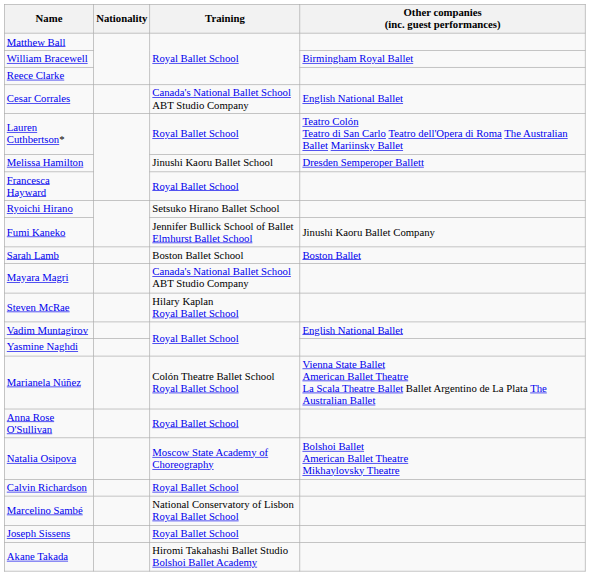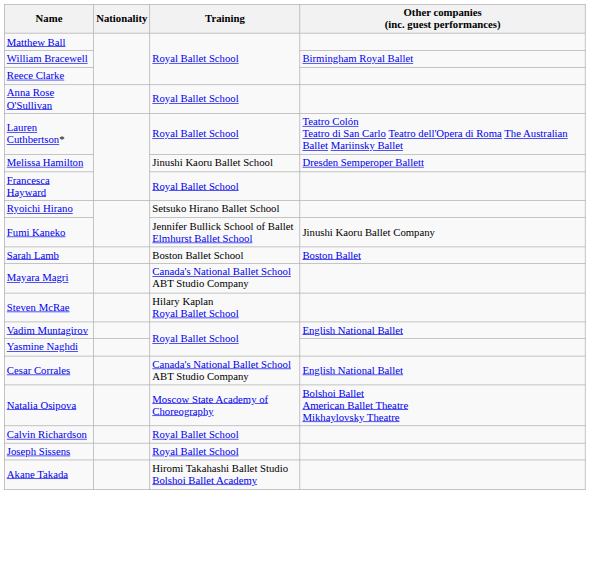 <table class="wikitable">
 <tr>
 <th>Name</th>
 <th>Nationality</th>
 <th>Training</th>
 <th>Other companies <br> (inc. guest performances)</th>
 </tr>
 <tr>
 <td><a href='#'>Matthew Ball</a></td>
 <td rowspan="3"></td>
 <td rowspan="3"><a href='#'>Royal Ballet School</a></td>
 <td> </td>
 </tr>
 <tr>
 <td><a href='#'>William Bracewell</a></td>
 <td><a href='#'>Birmingham Royal Ballet</a></td>
 </tr>
 <tr>
 <td><a href='#'>Reece Clarke</a></td>
 <td> </td>
 </tr>
 <tr>
-<td><a href='#'>Cesar Corrales</a></td>
-<td> <br> </td>
-<td><a href='#'>Canada's National Ballet School</a> <br> ABT Studio Company</td>
-<td><a href='#'>English National Ballet</a></td>
+<td><a href='#'>Anna Rose O'Sullivan</a></td>
+<td></td>
+<td><a href='#'>Royal Ballet School</a></td>
+<td> </td>
 </tr>
 <tr>
 <td><a href='#'>Lauren Cuthbertson</a>*</td>
 <td rowspan="3"></td>
 <td><a href='#'>Royal Ballet School</a></td>
 <td><a href='#'>Teatro Colón</a><br><a href='#'>Teatro di San Carlo</a> <a href='#'>Teatro dell'Opera di Roma</a> <a href='#'>The Australian Ballet</a> <a href='#'>Mariinsky Ballet</a></td>
 </tr>
 <tr>
 <td><a href='#'>Melissa Hamilton</a></td>
 <td>Jinushi Kaoru Ballet School</td>
 <td><a href='#'>Dresden Semperoper Ballett</a></td>
 </tr>
 <tr>
 <td><a href='#'>Francesca Hayward</a></td>
 <td><a href='#'>Royal Ballet School</a></td>
 <td> </td>
 </tr>
 <tr>
 <td><a href='#'>Ryoichi Hirano</a></td>
 <td rowspan="2"></td>
 <td>Setsuko Hirano Ballet School</td>
 <td> </td>
 </tr>
 <tr>
 <td><a href='#'>Fumi Kaneko</a></td>
 <td>Jennifer Bullick School of Ballet <br> <a href='#'>Elmhurst Ballet School</a></td>
 <td>Jinushi Kaoru Ballet Company</td>
 </tr>
 <tr>
 <td><a href='#'>Sarah Lamb</a></td>
 <td></td>
 <td>Boston Ballet School</td>
 <td><a href='#'>Boston Ballet</a></td>
 </tr>
 <tr>
 <td><a href='#'>Mayara Magri</a></td>
 <td></td>
 <td><a href='#'>Canada's National Ballet School</a> <br> ABT Studio Company</td>
 <td> </td>
 </tr>
 <tr>
 <td><a href='#'>Steven McRae</a></td>
 <td></td>
 <td>Hilary Kaplan <br> <a href='#'>Royal Ballet School</a></td>
 <td> </td>
 </tr>
 <tr>
 <td><a href='#'>Vadim Muntagirov</a></td>
 <td></td>
 <td rowspan="2"><a href='#'>Royal Ballet School</a></td>
 <td><a href='#'>English National Ballet</a></td>
 </tr>
 <tr>
 <td><a href='#'>Yasmine Naghdi</a></td>
 <td></td>
 <td> </td>
 </tr>
 <tr>
-<td><a href='#'>Marianela Núñez</a></td>
-<td></td>
-<td>Colón Theatre Ballet School <br> <a href='#'>Royal Ballet School</a></td>
-<td><a href='#'>Vienna State Ballet</a><br><a href='#'>American Ballet Theatre</a> <br> <a href='#'>La Scala Theatre Ballet</a> Ballet Argentino de La Plata <a href='#'>The Australian Ballet</a></td>
-</tr>
-<tr>
-<td><a href='#'>Anna Rose O'Sullivan</a></td>
-<td></td>
-<td><a href='#'>Royal Ballet School</a></td>
-<td> </td>
+<td><a href='#'>Cesar Corrales</a></td>
+<td> <br> </td>
+<td><a href='#'>Canada's National Ballet School</a> <br> ABT Studio Company</td>
+<td><a href='#'>English National Ballet</a></td>
 </tr>
 <tr>
 <td><a href='#'>Natalia Osipova</a> <br></td>
 <td></td>
 <td><a href='#'>Moscow State Academy of Choreography</a></td>
 <td><a href='#'>Bolshoi Ballet</a> <br> <a href='#'>American Ballet Theatre</a> <br> <a href='#'>Mikhaylovsky Theatre</a></td>
 </tr>
 <tr>
 <td><a href='#'>Calvin Richardson</a></td>
 <td></td>
 <td><a href='#'>Royal Ballet School</a></td>
-<td> </td>
-</tr>
-<tr>
-<td><a href='#'>Marcelino Sambé</a></td>
-<td></td>
-<td>National Conservatory of Lisbon <br> <a href='#'>Royal Ballet School</a></td>
 <td> </td>
 </tr>
 <tr>
 <td><a href='#'>Joseph Sissens</a></td>
 <td></td>
 <td><a href='#'>Royal Ballet School</a></td>
 <td> </td>
 </tr>
 <tr>
 <td><a href='#'>Akane Takada</a></td>
 <td></td>
 <td>Hiromi Takahashi Ballet Studio <br> <a href='#'>Bolshoi Ballet Academy</a></td>
 <td> </td>
 </tr>
 </table>
